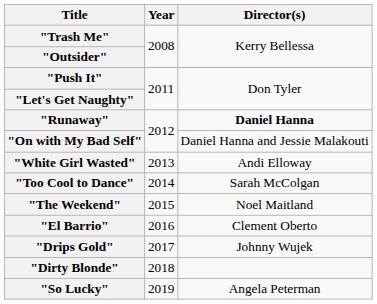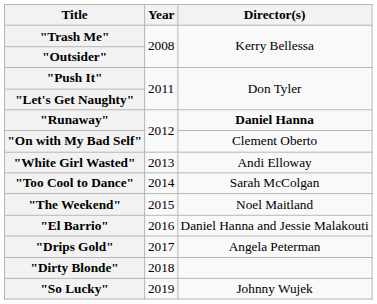 <table class="wikitable plainrowheaders" style="text-align:center;">
 <tr>
 <th scope="col">Title</th>
 <th scope="col">Year</th>
 <th scope="col">Director(s)</th>
 </tr>
 <tr>
 <th scope="row">"Trash Me"</th>
 <td rowspan="2">2008</td>
 <td rowspan="2">Kerry Bellessa</td>
 </tr>
 <tr>
 <th scope="row">"Outsider"</th>
 </tr>
 <tr>
 <th scope="row">"Push It"<br> </th>
 <td rowspan="2">2011</td>
 <td rowspan="2">Don Tyler</td>
 </tr>
 <tr>
 <th scope="row">"Let's Get Naughty"</th>
 </tr>
 <tr>
 <th scope="row">"Runaway"</th>
 <td rowspan="2">2012</td>
 <td><strong>Daniel Hanna</strong></td>
 </tr>
 <tr>
 <th scope="row">"On with My Bad Self"</th>
-<td>Daniel Hanna and Jessie Malakouti</td>
+<td>Clement Oberto</td>
 </tr>
 <tr>
 <th scope="row">"White Girl Wasted"</th>
 <td>2013</td>
 <td>Andi Elloway</td>
 </tr>
 <tr>
 <th scope="row">"Too Cool to Dance"</th>
 <td>2014</td>
 <td>Sarah McColgan</td>
 </tr>
 <tr>
 <th scope="row">"The Weekend"</th>
 <td>2015</td>
 <td>Noel Maitland</td>
 </tr>
 <tr>
 <th scope="row">"El Barrio"</th>
 <td>2016</td>
-<td>Clement Oberto</td>
+<td>Daniel Hanna and Jessie Malakouti</td>
 </tr>
 <tr>
 <th scope="row">"Drips Gold"</th>
 <td>2017</td>
-<td>Johnny Wujek</td>
+<td>Angela Peterman</td>
 </tr>
 <tr>
 <th scope="row">"Dirty Blonde"</th>
 <td>2018</td>
 <td></td>
 </tr>
 <tr>
 <th scope="row">"So Lucky"</th>
 <td>2019</td>
-<td>Angela Peterman</td>
+<td>Johnny Wujek</td>
 </tr>
 </table>
